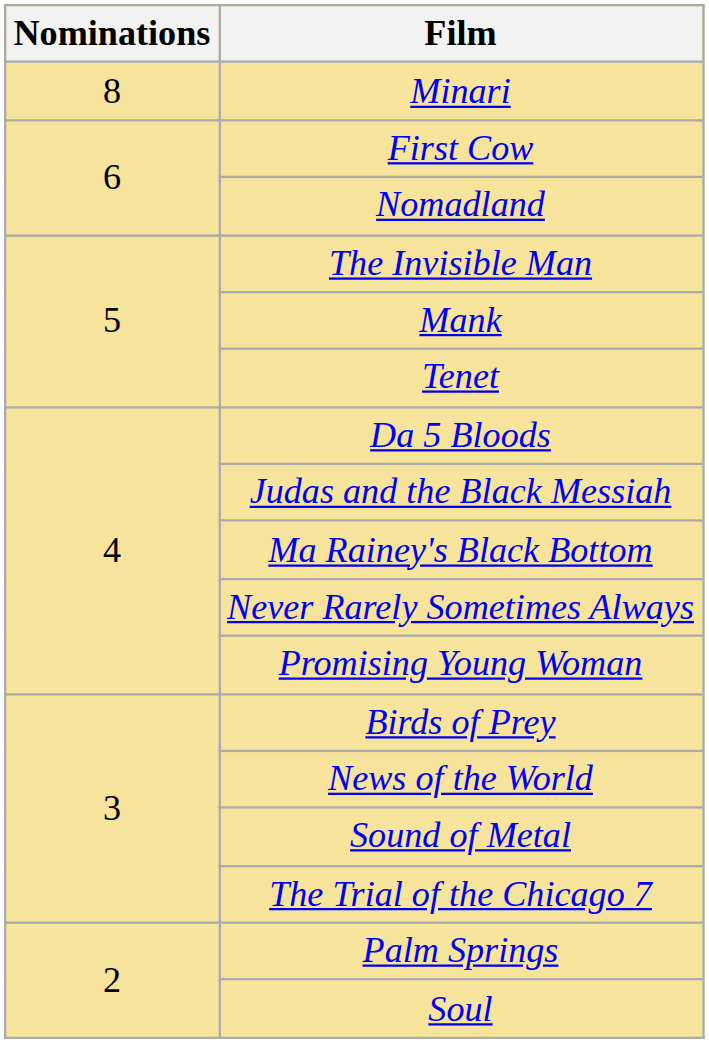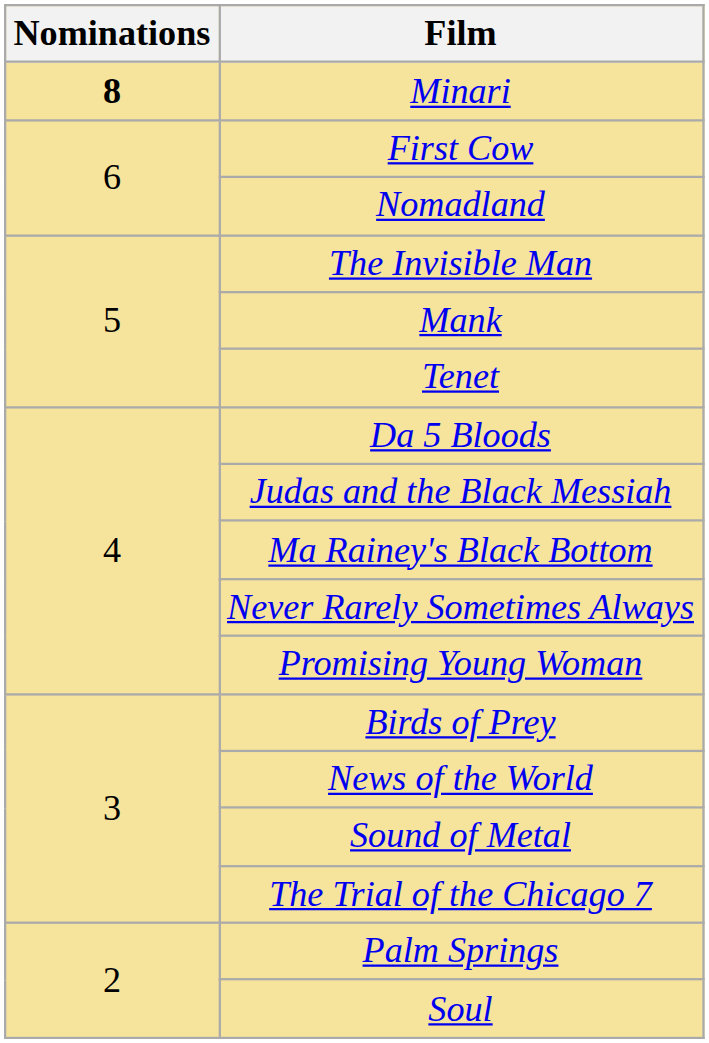 <table class="wikitable plainrowheaders" rowspan=2 style="text-align: center; background: #f6e39c">
 <tr>
 <th scope="col" width="55">Nominations</th>
 <th scope="col" align="center">Film</th>
 </tr>
 <tr>
-<td>8</td>
+<td><strong>8</strong></td>
 <td><em><a href='#'>Minari</a></em></td>
 </tr>
 <tr>
 <td rowspan="2">6</td>
 <td><em><a href='#'>First Cow</a></em></td>
 </tr>
 <tr>
 <td><em><a href='#'>Nomadland</a></em></td>
 </tr>
 <tr>
 <td rowspan="3">5</td>
 <td><em><a href='#'>The Invisible Man</a></em></td>
 </tr>
 <tr>
 <td><em><a href='#'>Mank</a></em></td>
 </tr>
 <tr>
 <td><em><a href='#'>Tenet</a></em></td>
 </tr>
 <tr>
 <td rowspan="5">4</td>
 <td><em><a href='#'>Da 5 Bloods</a></em></td>
 </tr>
 <tr>
 <td><em><a href='#'>Judas and the Black Messiah</a></em></td>
 </tr>
 <tr>
 <td><em><a href='#'>Ma Rainey's Black Bottom</a></em></td>
 </tr>
 <tr>
 <td><em><a href='#'>Never Rarely Sometimes Always</a></em></td>
 </tr>
 <tr>
 <td><em><a href='#'>Promising Young Woman</a></em></td>
 </tr>
 <tr>
 <td rowspan="4">3</td>
 <td><em><a href='#'>Birds of Prey</a></em></td>
 </tr>
 <tr>
 <td><em><a href='#'>News of the World</a></em></td>
 </tr>
 <tr>
 <td><em><a href='#'>Sound of Metal</a></em></td>
 </tr>
 <tr>
 <td><em><a href='#'>The Trial of the Chicago 7</a></em></td>
 </tr>
 <tr>
 <td rowspan="2">2</td>
 <td><em><a href='#'>Palm Springs</a></em></td>
 </tr>
 <tr>
 <td><em><a href='#'>Soul</a></em></td>
 </tr>
 </table>
